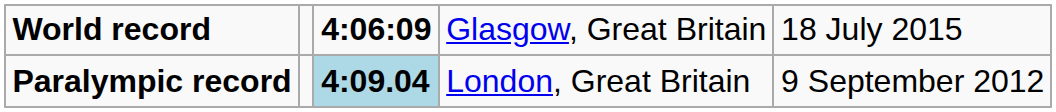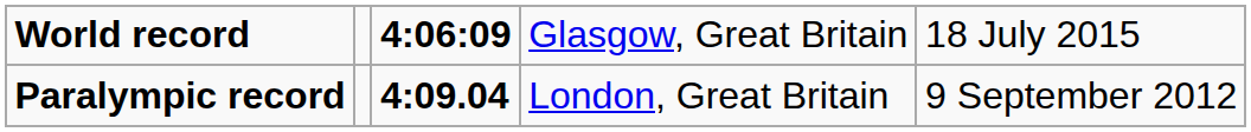 <table class="wikitable">
 <tr>
 <td><strong>World record</strong></td>
 <td></td>
 <td><strong>4:06:09</strong></td>
 <td><a href='#'>Glasgow</a>, Great Britain</td>
 <td>18 July 2015</td>
 </tr>
 <tr>
 <td><strong>Paralympic record</strong></td>
 <td></td>
-<td style="background: lightblue;"><strong>4:09.04</strong></td>
+<td><strong>4:09.04</strong></td>
 <td><a href='#'>London</a>, Great Britain</td>
 <td>9 September 2012</td>
 </tr>
 </table>
